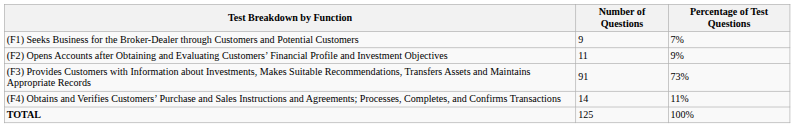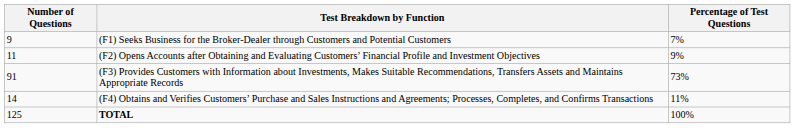 <table class="wikitable">
 <tr>
+<th>Number of Questions</th>
 <th>Test Breakdown by Function</th>
-<th>Number of Questions</th>
 <th>Percentage of Test Questions</th>
 </tr>
 <tr>
+<td>9</td>
 <td>(F1) Seeks Business for the Broker-Dealer through Customers and Potential Customers</td>
-<td>9</td>
 <td>7%</td>
 </tr>
 <tr вмыХ>
+<td>11</td>
 <td>(F2) Opens Accounts after Obtaining and Evaluating Customers’ Financial Profile and Investment Objectives</td>
-<td>11</td>
 <td>9%</td>
 </tr>
 <tr>
+<td>91</td>
 <td>(F3) Provides Customers with Information about Investments, Makes Suitable Recommendations, Transfers Assets and Maintains Appropriate Records</td>
-<td>91</td>
 <td>73%</td>
 </tr>
 <tr>
+<td>14</td>
 <td>(F4) Obtains and Verifies Customers’ Purchase and Sales Instructions and Agreements; Processes, Completes, and Confirms Transactions</td>
-<td>14</td>
 <td>11%</td>
 </tr>
 <tr>
+<td>125</td>
 <td><strong>TOTAL</strong></td>
-<td>125</td>
 <td>100%</td>
 </tr>
 </table>
